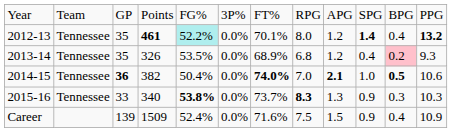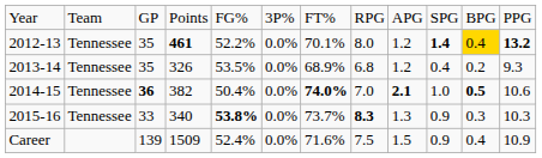 <table class="wikitable">
 <tr>
 <td>Year</td>
 <td>Team</td>
 <td>GP</td>
 <td>Points</td>
 <td>FG%</td>
 <td>3P%</td>
 <td>FT%</td>
 <td>RPG</td>
 <td>APG</td>
 <td>SPG</td>
 <td>BPG</td>
 <td>PPG</td>
 </tr>
 <tr>
 <td>2012-13</td>
 <td>Tennessee</td>
 <td>35</td>
 <td><strong>461</strong></td>
-<td style="background: paleturquoise;">52.2%</td>
+<td>52.2%</td>
 <td>0.0%</td>
 <td>70.1%</td>
 <td>8.0</td>
 <td>1.2</td>
 <td><strong>1.4</strong></td>
-<td>0.4</td>
+<td style="background: gold;">0.4</td>
 <td><strong>13.2</strong></td>
 </tr>
 <tr>
 <td>2013-14</td>
 <td>Tennessee</td>
 <td>35</td>
 <td>326</td>
 <td>53.5%</td>
 <td>0.0%</td>
 <td>68.9%</td>
 <td>6.8</td>
 <td>1.2</td>
 <td>0.4</td>
-<td style="background: pink;">0.2</td>
+<td>0.2</td>
 <td>9.3</td>
 </tr>
 <tr>
 <td>2014-15</td>
 <td>Tennessee</td>
 <td><strong>36</strong></td>
 <td>382</td>
 <td>50.4%</td>
 <td>0.0%</td>
 <td><strong>74.0%</strong></td>
 <td>7.0</td>
 <td><strong>2.1</strong></td>
 <td>1.0</td>
 <td><strong>0.5</strong></td>
 <td>10.6</td>
 </tr>
 <tr>
 <td>2015-16</td>
 <td>Tennessee</td>
 <td>33</td>
 <td>340</td>
 <td><strong>53.8%</strong></td>
 <td>0.0%</td>
 <td>73.7%</td>
 <td><strong>8.3</strong></td>
 <td>1.3</td>
 <td>0.9</td>
 <td>0.3</td>
 <td>10.3</td>
 </tr>
 <tr>
 <td>Career</td>
 <td></td>
 <td>139</td>
 <td>1509</td>
 <td>52.4%</td>
 <td>0.0%</td>
 <td>71.6%</td>
 <td>7.5</td>
 <td>1.5</td>
 <td>0.9</td>
 <td>0.4</td>
 <td>10.9</td>
 </tr>
 </table>
